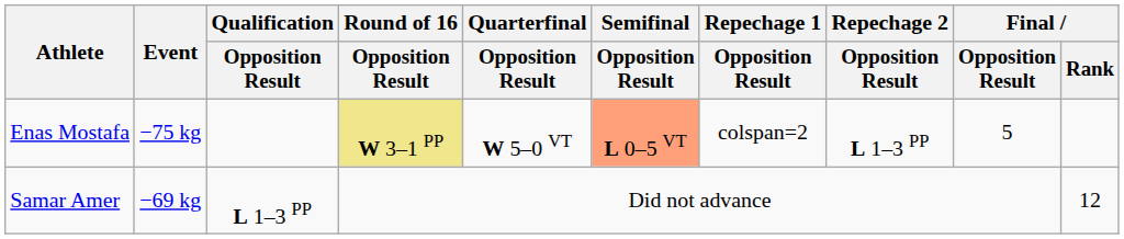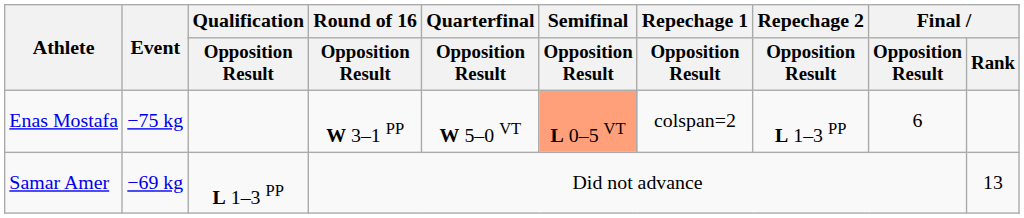 <table class="wikitable" style="font-size:90%">
 <tr>
 <th rowspan=2>Athlete</th>
 <th rowspan=2>Event</th>
 <th>Qualification</th>
 <th>Round of 16</th>
 <th>Quarterfinal</th>
 <th>Semifinal</th>
 <th>Repechage 1</th>
 <th>Repechage 2</th>
 <th colspan=2>Final / </th>
 </tr>
 <tr style="font-size: 95%">
 <th>Opposition<br>Result</th>
 <th>Opposition<br>Result</th>
 <th>Opposition<br>Result</th>
 <th>Opposition<br>Result</th>
 <th>Opposition<br>Result</th>
 <th>Opposition<br>Result</th>
 <th>Opposition<br>Result</th>
 <th>Rank</th>
 </tr>
 <tr align=center>
 <td align=left><a href='#'>Enas Mostafa</a></td>
 <td align=left><a href='#'>−75 kg</a></td>
 <td></td>
-<td style="background: khaki;"><br><strong>W</strong> 3–1 <sup>PP</sup></td>
+<td><br><strong>W</strong> 3–1 <sup>PP</sup></td>
 <td><br><strong>W</strong> 5–0 <sup>VT</sup></td>
 <td style="background: lightsalmon;"><br><strong>L</strong> 0–5 <sup>VT</sup></td>
 <td>colspan=2 </td>
 <td><br><strong>L</strong> 1–3 <sup>PP</sup></td>
-<td>5</td>
+<td>6</td>
 </tr>
 <tr align=center>
 <td align=left><a href='#'>Samar Amer</a></td>
 <td align=left><a href='#'>−69 kg</a></td>
 <td><br><strong>L</strong> 1–3 <sup>PP</sup></td>
 <td colspan=6>Did not advance</td>
-<td>12</td>
+<td>13</td>
 </tr>
 </table>
